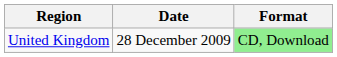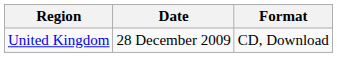 <table class="wikitable">
 <tr>
 <th>Region</th>
 <th>Date</th>
 <th>Format</th>
 </tr>
 <tr>
 <td rowspan=2><a href='#'>United Kingdom</a></td>
 <td rowspan=2>28 December 2009</td>
-<td style="background: lightgreen;">CD, Download</td>
+<td>CD, Download</td>
 </tr>
 </table>
